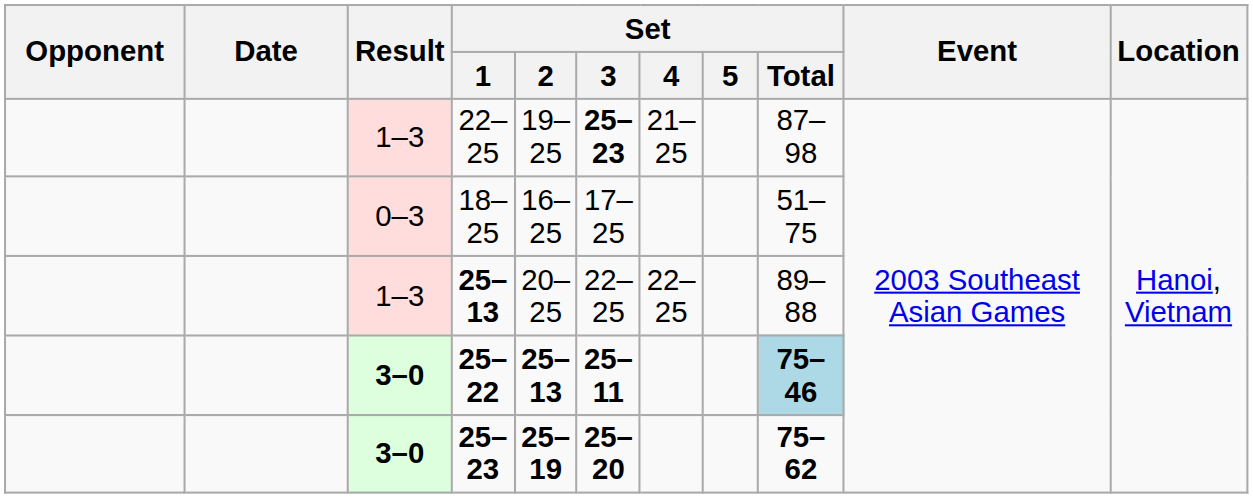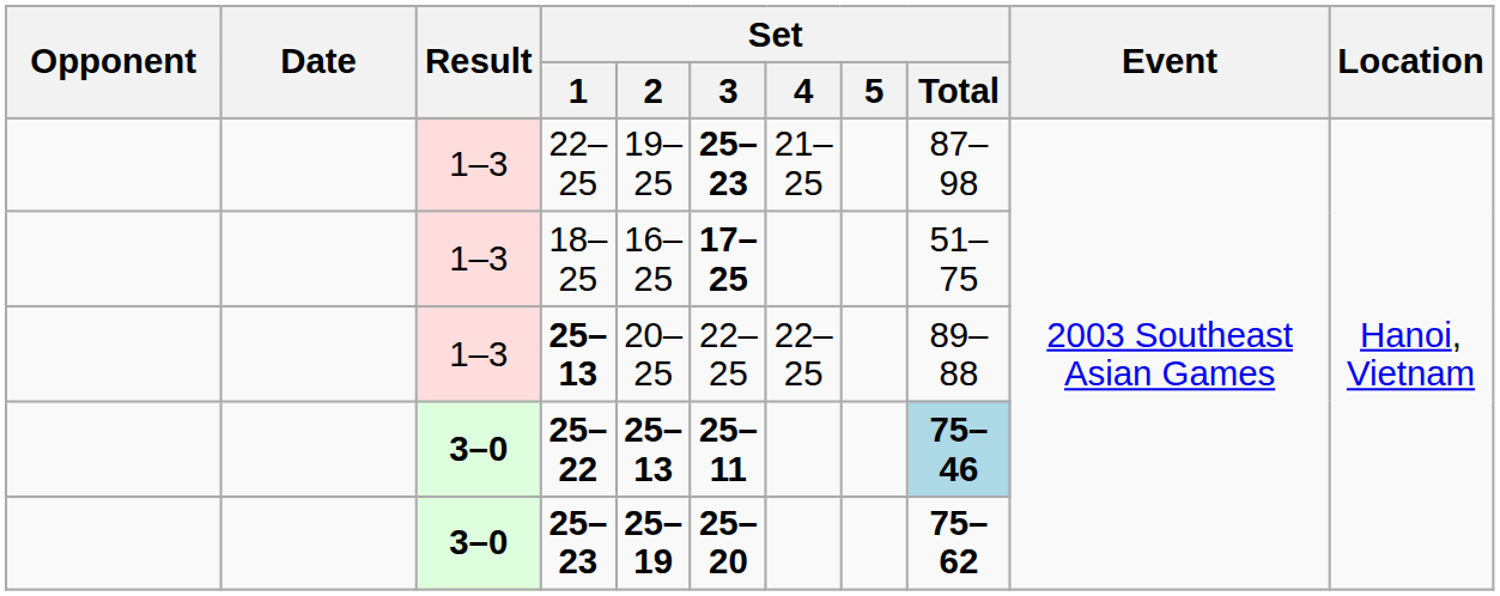 <table class="wikitable" style="font-size: 90%">
 <tr>
 <th rowspan=2 width=15%>Opponent</th>
 <th rowspan=2 width=15%>Date</th>
 <th rowspan=2 width=5%>Result</th>
 <th colspan=6>Set</th>
 <th rowspan=2 width=24%>Event</th>
 <th rowspan=2 width=16%>Location</th>
 </tr>
 <tr>
 <th width=5%>1</th>
 <th width=5%>2</th>
 <th width=5%>3</th>
 <th width=5%>4</th>
 <th width=5%>5</th>
 <th width=7%>Total</th>
 </tr>
 <tr style="text-align:center;">
 <td style="text-align:left;"></td>
 <td></td>
 <td style="background:#ffdddd;">1–3</td>
 <td>22–25</td>
 <td>19–25</td>
 <td><strong>25–23</strong></td>
 <td>21–25</td>
 <td></td>
 <td>87–98</td>
 <td rowspan=5><a href='#'>2003 Southeast Asian Games</a></td>
 <td rowspan=5><a href='#'>Hanoi</a>, <a href='#'>Vietnam</a></td>
 </tr>
 <tr style="text-align:center;">
 <td style="text-align:left;"></td>
 <td></td>
-<td style="background:#ffdddd;">0–3</td>
+<td style="background:#ffdddd;">1–3</td>
 <td>18–25</td>
 <td>16–25</td>
-<td>17–25</td>
+<td><strong>17–25</strong></td>
 <td></td>
 <td></td>
 <td>51–75</td>
 </tr>
 <tr style="text-align:center;">
 <td style="text-align:left;"></td>
 <td></td>
 <td style="background:#ffdddd;">1–3</td>
 <td><strong>25–13</strong></td>
 <td>20–25</td>
 <td>22–25</td>
 <td>22–25</td>
 <td></td>
 <td>89–88</td>
 </tr>
 <tr style="text-align:center;">
 <td style="text-align:left;"></td>
 <td></td>
 <td style="background:#ddffdd;"><strong>3–0</strong></td>
 <td><strong>25–22</strong></td>
 <td><strong>25–13</strong></td>
 <td><strong>25–11</strong></td>
 <td></td>
 <td></td>
 <td style="background: lightblue;"><strong>75–46</strong></td>
 </tr>
 <tr style="text-align:center;">
 <td style="text-align:left;"></td>
 <td></td>
 <td style="background:#ddffdd;"><strong>3–0</strong></td>
 <td><strong>25–23</strong></td>
 <td><strong>25–19</strong></td>
 <td><strong>25–20</strong></td>
 <td></td>
 <td></td>
 <td><strong>75–62</strong></td>
 </tr>
 </table>
